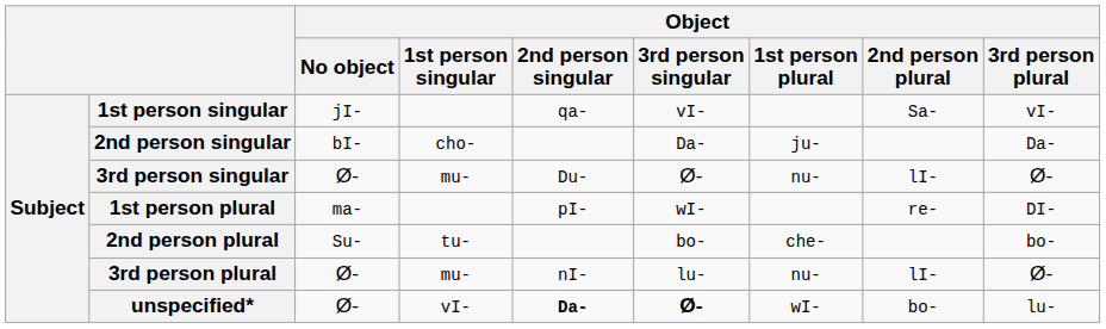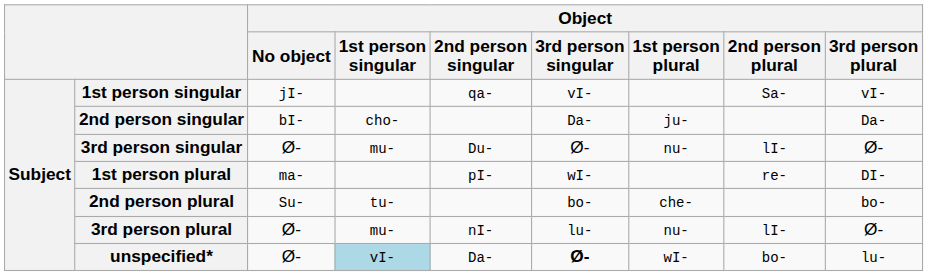 <table class="wikitable" style="float:left; margin-right:1em; text-align:center">
 <tr>
 <th colspan=2 rowspan=2></th>
 <th colspan=7>Object</th>
 </tr>
 <tr>
 <th>No object</th>
 <th>1st person<br>singular</th>
 <th>2nd person<br>singular</th>
 <th>3rd person<br>singular</th>
 <th>1st person<br>plural</th>
 <th>2nd person<br>plural</th>
 <th>3rd person<br>plural</th>
 </tr>
 <tr>
 <th rowspan=7>Subject</th>
 <th>1st person singular</th>
 <td><code>jI-</code></td>
 <td></td>
 <td><code>qa-</code></td>
 <td><code>vI-</code></td>
 <td></td>
 <td><code>Sa-</code></td>
 <td><code>vI-</code></td>
 </tr>
 <tr>
 <th>2nd person singular</th>
 <td><code>bI-</code></td>
 <td><code>cho-</code></td>
 <td></td>
 <td><code>Da-</code></td>
 <td><code>ju-</code></td>
 <td></td>
 <td><code>Da-</code></td>
 </tr>
 <tr>
 <th>3rd person singular</th>
 <td>Ø-</td>
 <td><code>mu-</code></td>
 <td><code>Du-</code></td>
 <td>Ø-</td>
 <td><code>nu-</code></td>
 <td><code>lI-</code></td>
 <td>Ø-</td>
 </tr>
 <tr>
 <th>1st person plural</th>
 <td><code>ma-</code></td>
 <td></td>
 <td><code>pI-</code></td>
 <td><code>wI-</code></td>
 <td></td>
 <td><code>re-</code></td>
 <td><code>DI-</code></td>
 </tr>
 <tr>
 <th>2nd person plural</th>
 <td><code>Su-</code></td>
 <td><code>tu-</code></td>
 <td></td>
 <td><code>bo-</code></td>
 <td><code>che-</code></td>
 <td></td>
 <td><code>bo-</code></td>
 </tr>
 <tr>
 <th>3rd person plural</th>
 <td>Ø-</td>
 <td><code>mu-</code></td>
 <td><code>nI-</code></td>
 <td><code>lu-</code></td>
 <td><code>nu-</code></td>
 <td><code>lI-</code></td>
 <td>Ø-</td>
 </tr>
 <tr>
 <th>unspecified*</th>
 <td>Ø-</td>
-<td><code>vI-</code></td>
-<td><strong><code>Da-</code></strong></td>
+<td style="background: lightblue;"><code>vI-</code></td>
+<td><code>Da-</code></td>
 <td><strong>Ø-</strong></td>
 <td><code>wI-</code></td>
 <td><code>bo-</code></td>
 <td><code>lu-</code></td>
 </tr>
 </table>
